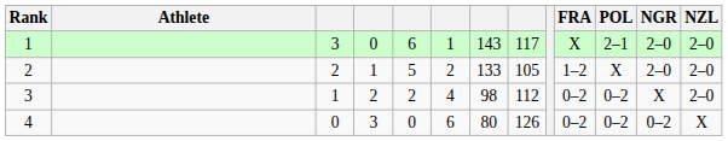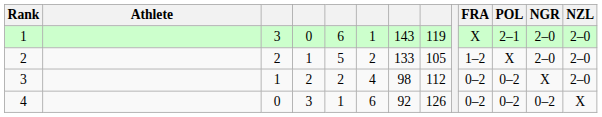 <table class="wikitable" style="text-align:center">
 <tr>
 <th>Rank</th>
 <th width=250>Athlete</th>
 <th width=30></th>
 <th width=30></th>
 <th width=30></th>
 <th width=30></th>
 <th width=30></th>
 <th width=30></th>
 <th rowspan=5></th>
 <th width=30>FRA</th>
 <th width=30>POL</th>
 <th width=30>NGR</th>
 <th width=30>NZL</th>
 </tr>
 <tr style="background-color:#ccffcc;">
 <td>1</td>
 <td align=left></td>
 <td>3</td>
 <td>0</td>
 <td>6</td>
 <td>1</td>
 <td>143</td>
-<td>117</td>
+<td>119</td>
 <td>X</td>
 <td>2–1</td>
 <td>2–0</td>
 <td>2–0</td>
 </tr>
 <tr>
 <td>2</td>
 <td align=left></td>
 <td>2</td>
 <td>1</td>
 <td>5</td>
 <td>2</td>
 <td>133</td>
 <td>105</td>
 <td>1–2</td>
 <td>X</td>
 <td>2–0</td>
 <td>2–0</td>
 </tr>
 <tr>
 <td>3</td>
 <td align=left></td>
 <td>1</td>
 <td>2</td>
 <td>2</td>
 <td>4</td>
 <td>98</td>
 <td>112</td>
 <td>0–2</td>
 <td>0–2</td>
 <td>X</td>
 <td>2–0</td>
 </tr>
 <tr>
 <td>4</td>
 <td align=left></td>
 <td>0</td>
 <td>3</td>
-<td>0</td>
+<td>1</td>
 <td>6</td>
-<td>80</td>
+<td>92</td>
 <td>126</td>
 <td>0–2</td>
 <td>0–2</td>
 <td>0–2</td>
 <td>X</td>
 </tr>
 </table>
